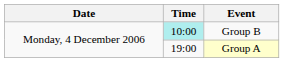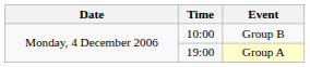 <table class = "wikitable" style="text-align:center;">
 <tr>
 <th width=220>Date</th>
 <th width=50>Time</th>
 <th width=100>Event</th>
 </tr>
 <tr>
 <td rowspan=2>Monday, 4 December 2006</td>
-<td style="background: paleturquoise;">10:00</td>
+<td>10:00</td>
 <td>Group B</td>
 </tr>
 <tr>
 <td>19:00</td>
 <td bgcolor=ffffcc>Group A</td>
 </tr>
 </table>
